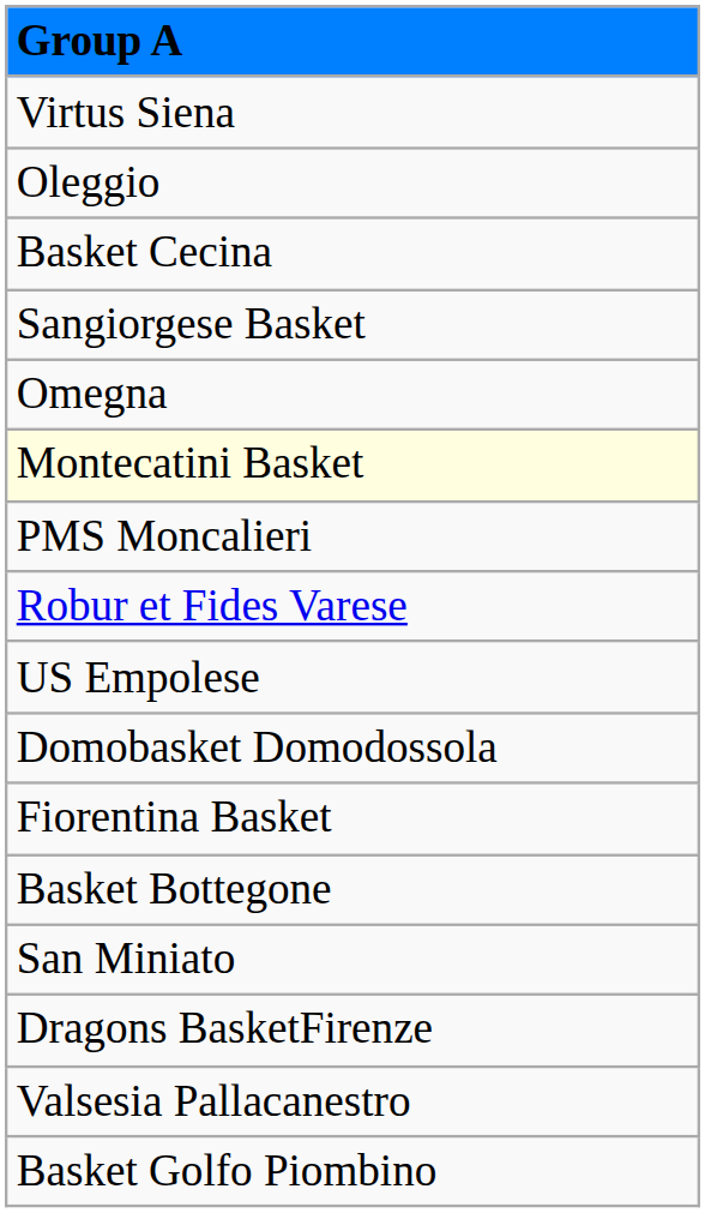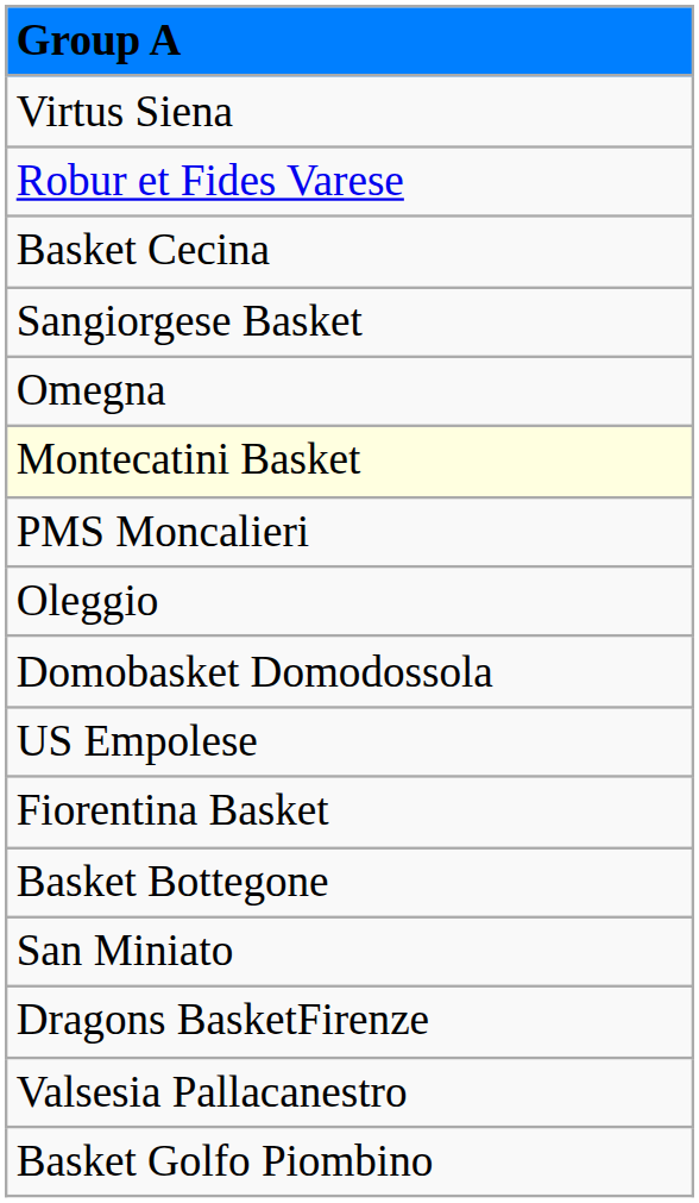 <table class="wikitable" width="250px" align="center" font-size="100%">
 <tr>
 <td style="background-color:#007FFF"><span><strong>Group A</strong></span></td>
 </tr>
 <tr>
 <td>Virtus Siena</td>
 </tr>
 <tr>
-<td>Oleggio</td>
+<td><a href='#'>Robur et Fides Varese</a></td>
 </tr>
 <tr>
 <td>Basket Cecina</td>
 </tr>
 <tr>
 <td>Sangiorgese Basket</td>
 </tr>
 <tr>
 <td>Omegna</td>
 </tr>
 <tr>
 <td style="background: lightyellow;">Montecatini Basket</td>
 </tr>
 <tr>
 <td>PMS Moncalieri</td>
 </tr>
 <tr>
-<td><a href='#'>Robur et Fides Varese</a></td>
+<td>Oleggio</td>
+</tr>
+<tr>
+<td>Domobasket Domodossola</td>
 </tr>
 <tr>
 <td>US Empolese</td>
-</tr>
-<tr>
-<td>Domobasket Domodossola</td>
 </tr>
 <tr>
 <td>Fiorentina Basket</td>
 </tr>
 <tr>
 <td>Basket Bottegone</td>
 </tr>
 <tr>
 <td>San Miniato</td>
 </tr>
 <tr>
 <td>Dragons BasketFirenze</td>
 </tr>
 <tr>
 <td>Valsesia Pallacanestro</td>
 </tr>
 <tr>
 <td>Basket Golfo Piombino</td>
 </tr>
 </table>
